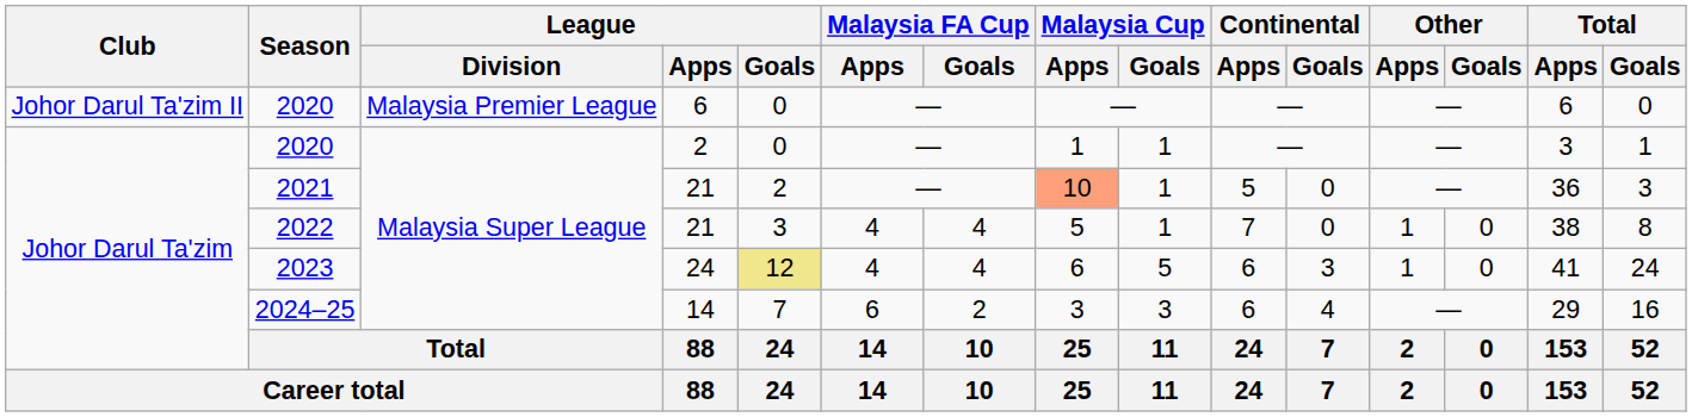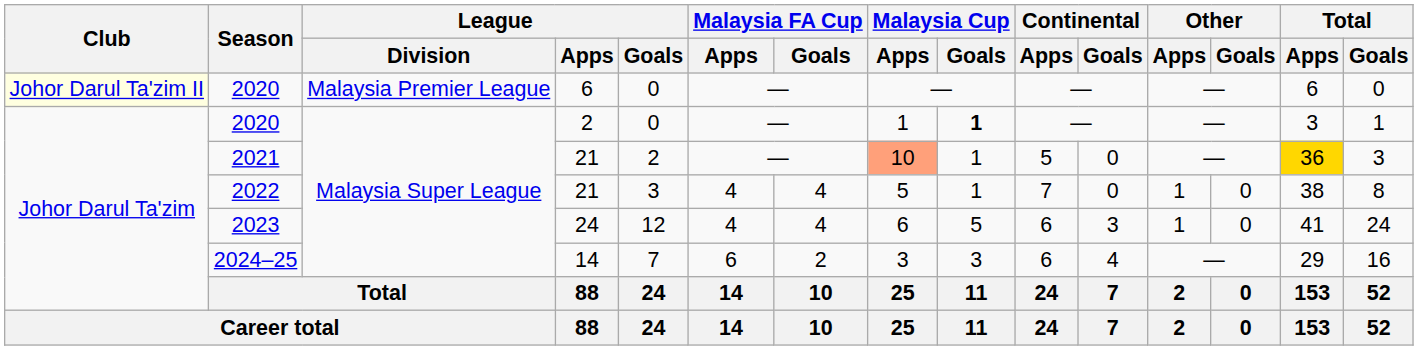 <table class="wikitable" style="text-align: center">
 <tr>
 <th rowspan="2">Club</th>
 <th rowspan="2">Season</th>
 <th colspan="3">League</th>
 <th colspan="2"><a href='#'>Malaysia FA Cup</a></th>
 <th colspan="2"><a href='#'>Malaysia Cup</a></th>
 <th colspan="2">Continental</th>
 <th colspan="2">Other</th>
 <th colspan="2">Total</th>
 </tr>
 <tr>
 <th>Division</th>
 <th>Apps</th>
 <th>Goals</th>
 <th>Apps</th>
 <th>Goals</th>
 <th>Apps</th>
 <th>Goals</th>
 <th>Apps</th>
 <th>Goals</th>
 <th>Apps</th>
 <th>Goals</th>
 <th>Apps</th>
 <th>Goals</th>
 </tr>
 <tr>
-<td><a href='#'>Johor Darul Ta'zim II</a></td>
+<td style="background: lightyellow;"><a href='#'>Johor Darul Ta'zim II</a></td>
 <td><a href='#'>2020</a></td>
 <td><a href='#'>Malaysia Premier League</a></td>
 <td>6</td>
 <td>0</td>
 <td colspan="2">—</td>
 <td colspan="2">—</td>
 <td colspan="2">—</td>
 <td colspan="2">—</td>
 <td>6</td>
 <td>0</td>
 </tr>
 <tr>
 <td rowspan="6"><a href='#'>Johor Darul Ta'zim</a></td>
 <td><a href='#'>2020</a></td>
 <td rowspan="5"><a href='#'>Malaysia Super League</a></td>
 <td>2</td>
 <td>0</td>
 <td colspan="2">—</td>
 <td>1</td>
-<td>1</td>
+<td><strong>1</strong></td>
 <td colspan="2">—</td>
 <td colspan="2">—</td>
 <td>3</td>
 <td>1</td>
 </tr>
 <tr>
 <td><a href='#'>2021</a></td>
 <td>21</td>
 <td>2</td>
 <td colspan="2">—</td>
 <td style="background: lightsalmon;">10</td>
 <td>1</td>
 <td>5</td>
 <td>0</td>
 <td colspan="2">—</td>
-<td>36</td>
+<td style="background: gold;">36</td>
 <td>3</td>
 </tr>
 <tr>
 <td><a href='#'>2022</a></td>
 <td>21</td>
 <td>3</td>
 <td>4</td>
 <td>4</td>
 <td>5</td>
 <td>1</td>
 <td>7</td>
 <td>0</td>
 <td>1</td>
 <td>0</td>
 <td>38</td>
 <td>8</td>
 </tr>
 <tr>
 <td><a href='#'>2023</a></td>
 <td>24</td>
-<td style="background: khaki;">12</td>
+<td>12</td>
 <td>4</td>
 <td>4</td>
 <td>6</td>
 <td>5</td>
 <td>6</td>
 <td>3</td>
 <td>1</td>
 <td>0</td>
 <td>41</td>
 <td>24</td>
 </tr>
 <tr>
 <td><a href='#'>2024–25</a></td>
 <td>14</td>
 <td>7</td>
 <td>6</td>
 <td>2</td>
 <td>3</td>
 <td>3</td>
 <td>6</td>
 <td>4</td>
 <td colspan="2">—</td>
 <td>29</td>
 <td>16</td>
 </tr>
 <tr>
 <th colspan=2>Total</th>
 <th>88</th>
 <th>24</th>
 <th>14</th>
 <th>10</th>
 <th>25</th>
 <th>11</th>
 <th>24</th>
 <th>7</th>
 <th>2</th>
 <th>0</th>
 <th>153</th>
 <th>52</th>
 </tr>
 <tr>
 <th colspan=3>Career total</th>
 <th>88</th>
 <th>24</th>
 <th>14</th>
 <th>10</th>
 <th>25</th>
 <th>11</th>
 <th>24</th>
 <th>7</th>
 <th>2</th>
 <th>0</th>
 <th>153</th>
 <th>52</th>
 </tr>
 </table>
